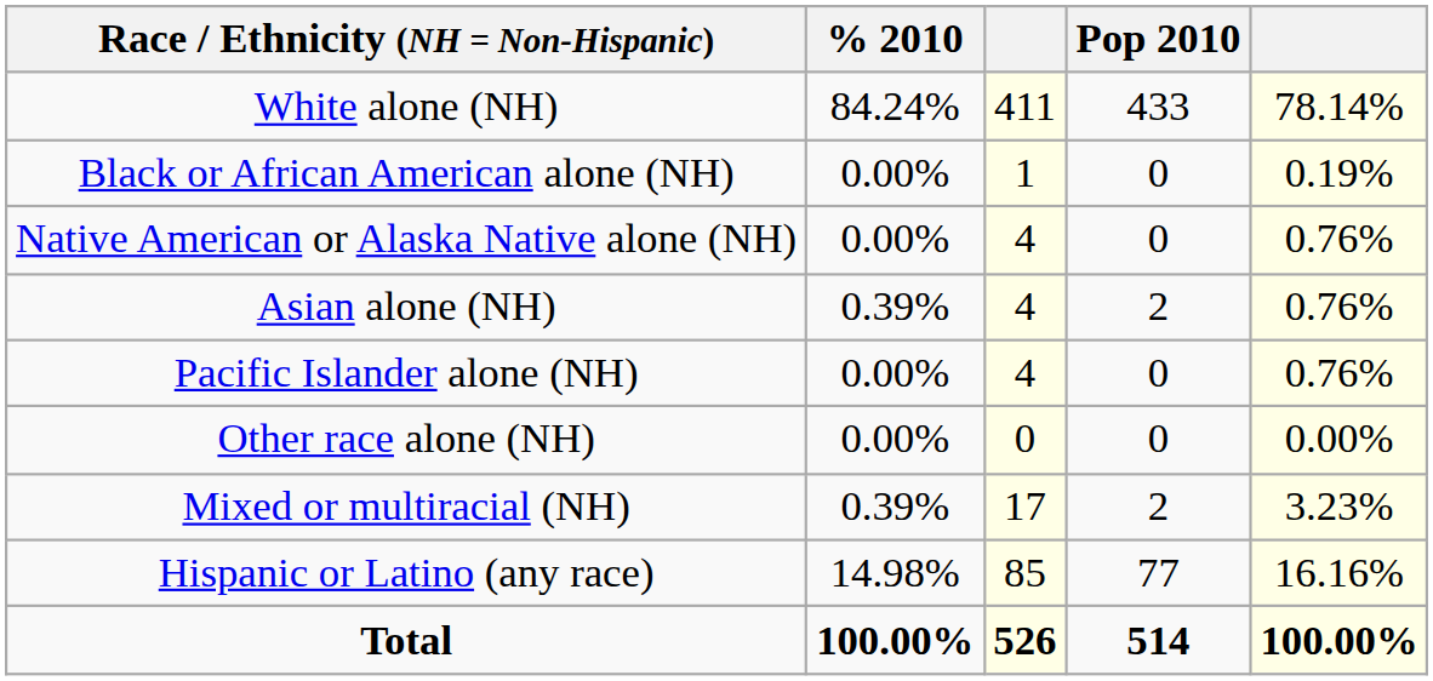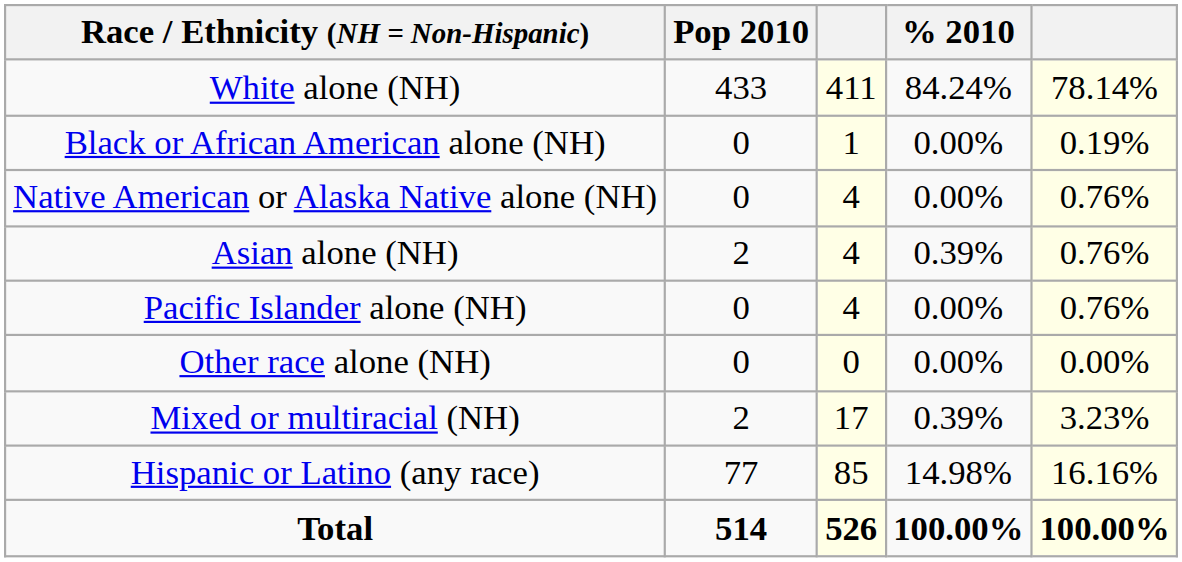 <table class="wikitable" style="text-align:center;">
 <tr>
 <th>Race / Ethnicity <small>(<em>NH = Non-Hispanic</em>)</small></th>
+<th>Pop 2010</th>
+<th></th>
 <th>% 2010</th>
-<th></th>
-<th>Pop 2010</th>
 <th></th>
 </tr>
 <tr>
 <td><a href='#'>White</a> alone (NH)</td>
+<td>433</td>
+<td style='background: #ffffe6;'>411</td>
 <td>84.24%</td>
-<td style='background: #ffffe6;'>411</td>
-<td>433</td>
 <td style='background: #ffffe6;'>78.14%</td>
 </tr>
 <tr>
 <td><a href='#'>Black or African American</a> alone (NH)</td>
+<td>0</td>
+<td style='background: #ffffe6;'>1</td>
 <td>0.00%</td>
-<td style='background: #ffffe6;'>1</td>
-<td>0</td>
 <td style='background: #ffffe6;'>0.19%</td>
 </tr>
 <tr>
 <td><a href='#'>Native American</a> or <a href='#'>Alaska Native</a> alone (NH)</td>
+<td>0</td>
+<td style='background: #ffffe6;'>4</td>
 <td>0.00%</td>
-<td style='background: #ffffe6;'>4</td>
-<td>0</td>
 <td style='background: #ffffe6;'>0.76%</td>
 </tr>
 <tr>
 <td><a href='#'>Asian</a> alone (NH)</td>
+<td>2</td>
+<td style='background: #ffffe6;'>4</td>
 <td>0.39%</td>
-<td style='background: #ffffe6;'>4</td>
-<td>2</td>
 <td style='background: #ffffe6;'>0.76%</td>
 </tr>
 <tr>
 <td><a href='#'>Pacific Islander</a> alone (NH)</td>
+<td>0</td>
+<td style='background: #ffffe6;'>4</td>
 <td>0.00%</td>
-<td style='background: #ffffe6;'>4</td>
-<td>0</td>
 <td style='background: #ffffe6;'>0.76%</td>
 </tr>
 <tr>
 <td><a href='#'>Other race</a> alone (NH)</td>
+<td>0</td>
+<td style='background: #ffffe6;'>0</td>
 <td>0.00%</td>
-<td style='background: #ffffe6;'>0</td>
-<td>0</td>
 <td style='background: #ffffe6;'>0.00%</td>
 </tr>
 <tr>
 <td><a href='#'>Mixed or multiracial</a> (NH)</td>
+<td>2</td>
+<td style='background: #ffffe6;'>17</td>
 <td>0.39%</td>
-<td style='background: #ffffe6;'>17</td>
-<td>2</td>
 <td style='background: #ffffe6;'>3.23%</td>
 </tr>
 <tr>
 <td><a href='#'>Hispanic or Latino</a> (any race)</td>
+<td>77</td>
+<td style='background: #ffffe6;'>85</td>
 <td>14.98%</td>
-<td style='background: #ffffe6;'>85</td>
-<td>77</td>
 <td style='background: #ffffe6;'>16.16%</td>
 </tr>
 <tr>
 <td><strong>Total</strong></td>
+<td><strong>514</strong></td>
+<td style='background: #ffffe6;'><strong>526</strong></td>
 <td><strong>100.00%</strong></td>
-<td style='background: #ffffe6;'><strong>526</strong></td>
-<td><strong>514</strong></td>
 <td style='background: #ffffe6;'><strong>100.00%</strong></td>
 </tr>
 </table>
